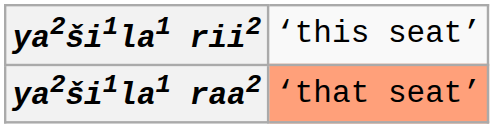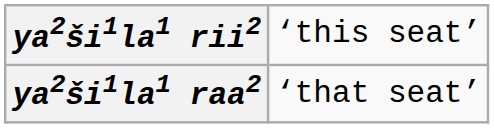 <table class="wikitable">
 <tr>
 <th><em>ya<sup>2</sup>ši<sup>1</sup>la<sup>1</sup>  rii<sup>2</sup></em></th>
 <td>‘this seat’</td>
 </tr>
 <tr>
 <th><em>ya<sup>2</sup>ši<sup>1</sup>la<sup>1</sup>  raa<sup>2</sup></em></th>
-<td style="background: lightsalmon;">‘that seat’</td>
+<td>‘that seat’</td>
 </tr>
 </table>
